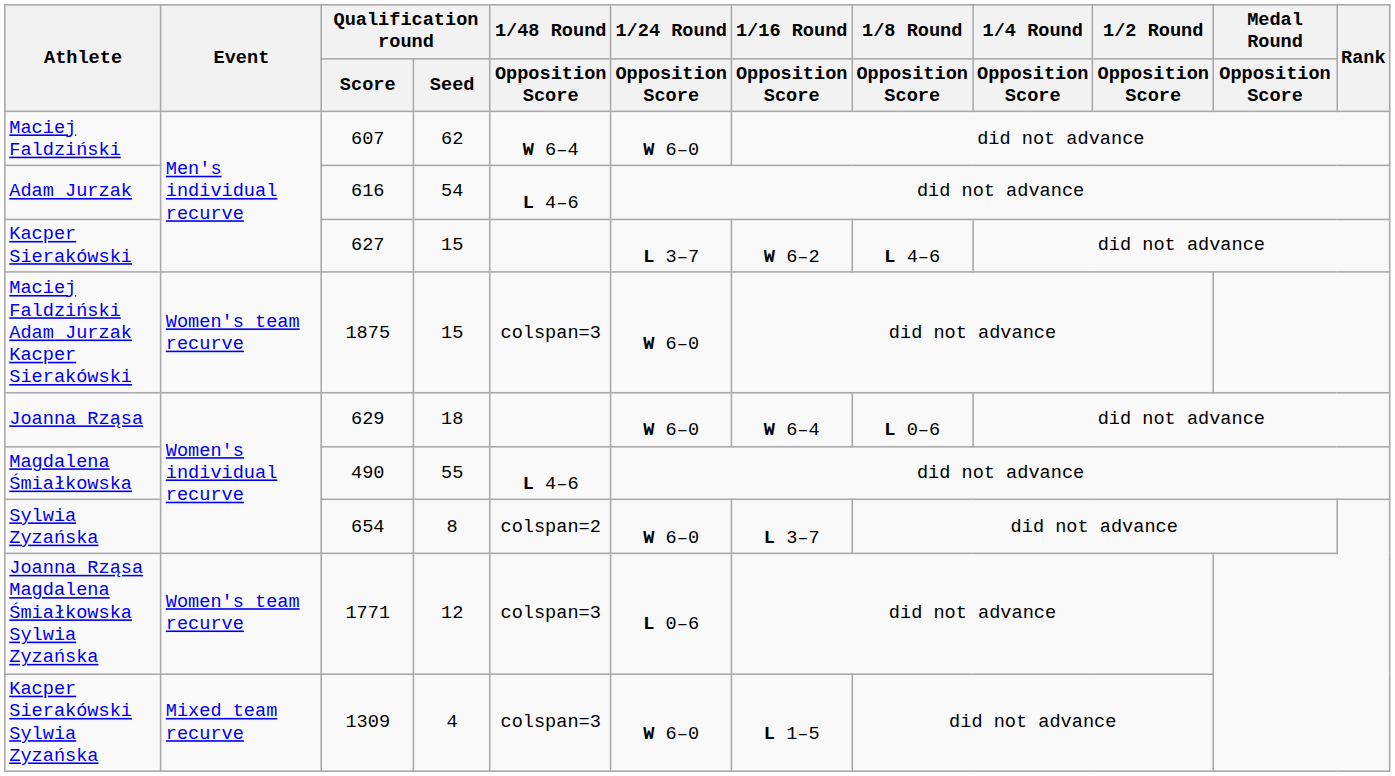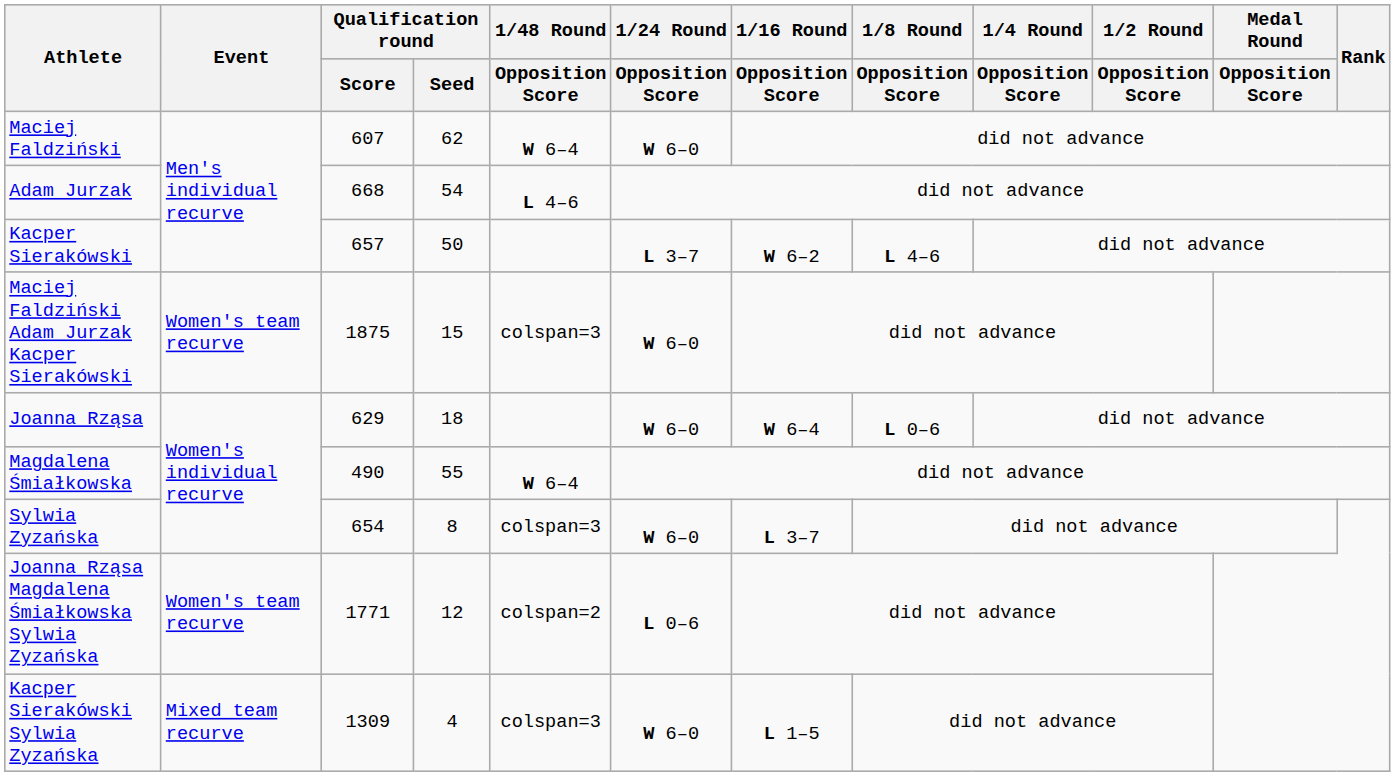 <table class="wikitable" style="font-size:90%">
 <tr>
 <th rowspan="2">Athlete</th>
 <th rowspan="2">Event</th>
 <th colspan="2">Qualification round</th>
 <th>1/48 Round</th>
 <th>1/24 Round</th>
 <th>1/16 Round</th>
 <th>1/8 Round</th>
 <th>1/4 Round</th>
 <th>1/2 Round</th>
 <th>Medal Round</th>
 <th rowspan=2>Rank</th>
 </tr>
 <tr>
 <th>Score</th>
 <th>Seed</th>
 <th>Opposition<br>Score</th>
 <th>Opposition<br>Score</th>
 <th>Opposition<br>Score</th>
 <th>Opposition<br>Score</th>
 <th>Opposition<br>Score</th>
 <th>Opposition<br>Score</th>
 <th>Opposition<br>Score</th>
 </tr>
 <tr align=center>
 <td align=left><a href='#'>Maciej Faldziński</a></td>
 <td rowspan=3 align=left><a href='#'>Men's individual recurve</a></td>
 <td>607</td>
 <td>62</td>
 <td><br><strong>W</strong> 6–4</td>
 <td><br><strong>W</strong> 6–0</td>
 <td colspan=6>did not advance</td>
 </tr>
 <tr align=center>
 <td align=left><a href='#'>Adam Jurzak</a></td>
-<td>616</td>
+<td>668</td>
 <td>54</td>
 <td><br><strong>L</strong> 4–6</td>
 <td colspan=7>did not advance</td>
 </tr>
 <tr align=center>
 <td align=left><a href='#'>Kacper Sierakówski</a></td>
-<td>627</td>
-<td>15</td>
+<td>657</td>
+<td>50</td>
 <td></td>
 <td><br><strong>L</strong> 3–7</td>
 <td><br><strong>W</strong> 6–2</td>
 <td><br><strong>L</strong> 4–6</td>
 <td colspan=4>did not advance</td>
 </tr>
 <tr align=center>
 <td align=left><a href='#'>Maciej Faldziński</a><br><a href='#'>Adam Jurzak</a><br><a href='#'>Kacper Sierakówski</a></td>
 <td align=left><a href='#'>Women's team recurve</a></td>
 <td>1875</td>
 <td>15</td>
 <td>colspan=3 </td>
 <td><br><strong>W</strong> 6–0</td>
 <td colspan=4>did not advance</td>
 </tr>
 <tr align=center>
 <td align=left><a href='#'>Joanna Rząsa</a></td>
 <td rowspan=3 align=left><a href='#'>Women's individual recurve</a></td>
 <td>629</td>
 <td>18</td>
 <td></td>
 <td><br><strong>W</strong> 6–0</td>
 <td><br><strong>W</strong> 6–4</td>
 <td><br><strong>L</strong> 0–6</td>
 <td colspan=4>did not advance</td>
 </tr>
 <tr align=center>
 <td align=left><a href='#'>Magdalena Śmiałkowska</a></td>
 <td>490</td>
 <td>55</td>
-<td><br><strong>L</strong> 4–6</td>
+<td><br><strong>W</strong> 6–4</td>
 <td colspan=7>did not advance</td>
 </tr>
 <tr align=center>
 <td align=left><a href='#'>Sylwia Zyzańska</a></td>
 <td>654</td>
 <td>8</td>
-<td>colspan=2 </td>
+<td>colspan=3 </td>
 <td><br><strong>W</strong> 6–0</td>
 <td><br><strong>L</strong> 3–7</td>
 <td colspan=4>did not advance</td>
 </tr>
 <tr align=center>
 <td align=left><a href='#'>Joanna Rząsa</a><br><a href='#'>Magdalena Śmiałkowska</a><br><a href='#'>Sylwia Zyzańska</a></td>
 <td align=left><a href='#'>Women's team recurve</a></td>
 <td>1771</td>
 <td>12</td>
-<td>colspan=3 </td>
+<td>colspan=2 </td>
 <td><br><strong>L</strong> 0–6</td>
 <td colspan=4>did not advance</td>
 </tr>
 <tr align=center>
 <td align=left><a href='#'>Kacper Sierakówski</a><br><a href='#'>Sylwia Zyzańska</a></td>
 <td align=left><a href='#'>Mixed team recurve</a></td>
 <td>1309</td>
 <td>4</td>
 <td>colspan=3 </td>
 <td><br><strong>W</strong> 6–0</td>
 <td><br><strong>L</strong> 1–5</td>
 <td colspan=3>did not advance</td>
 </tr>
 </table>
